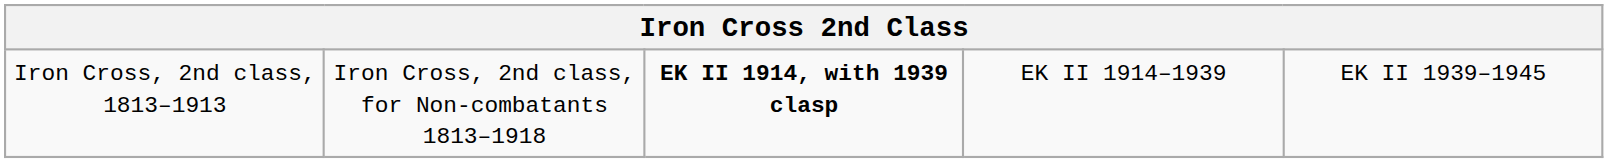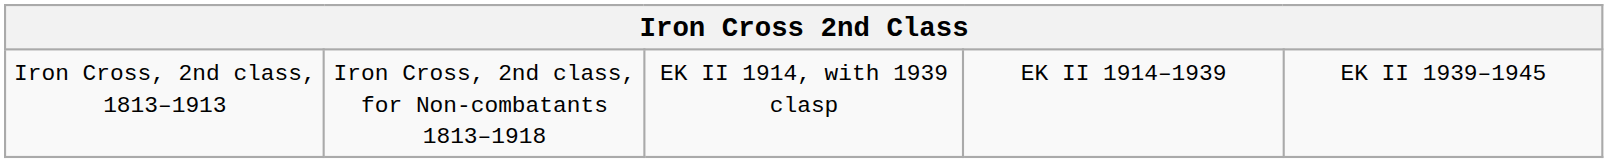 <table class="wikitable" style="margin:left; width:60%;">
 <tr>
 <th colspan=5><strong>Iron Cross 2nd Class</strong></th>
 </tr>
 <tr>
 <td style="vertical-align:top; width:20%; text-align:center;"> <small>Iron Cross, 2nd class, 1813–1913</small></td>
 <td style="vertical-align:top; width:20%; text-align:center;"> <small>Iron Cross, 2nd class, for Non-combatants 1813–1918</small></td>
-<td style="vertical-align:top; width:20%; text-align:center;"><strong><small>EK II 1914, with 1939 clasp</small></strong></td>
+<td style="vertical-align:top; width:20%; text-align:center;"><small>EK II 1914, with 1939 clasp</small></td>
 <td style="vertical-align:top; width:20%; text-align:center;"><small>EK II 1914–1939</small></td>
 <td style="vertical-align:top; width:20%; text-align:center;"><small>EK II 1939–1945</small></td>
 </tr>
 </table>
